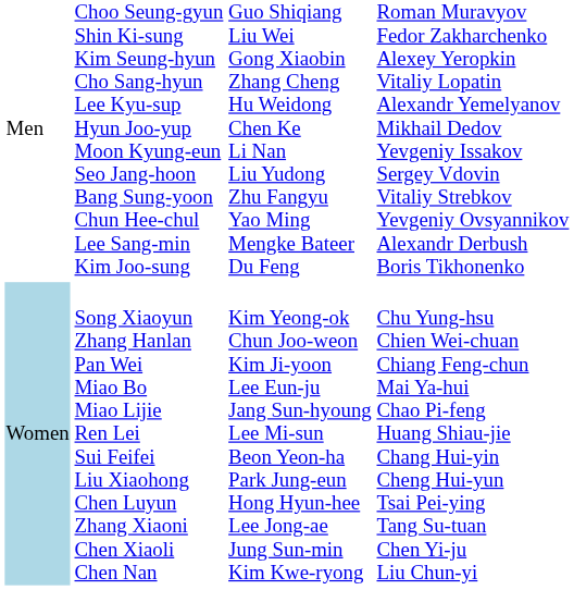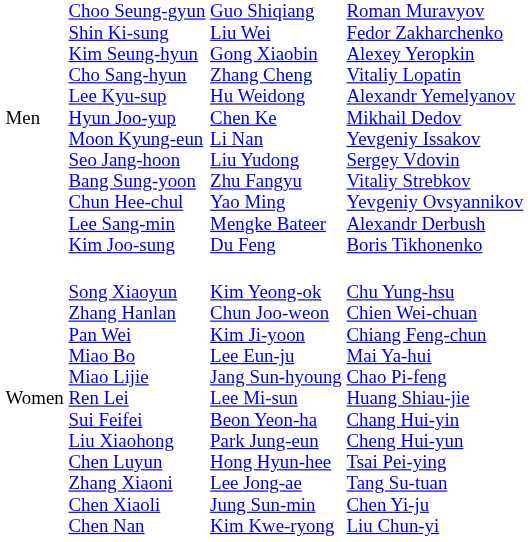 <table>
 <tr>
 <td>Men<br></td>
 <td><br><a href='#'>Choo Seung-gyun</a><br><a href='#'>Shin Ki-sung</a><br><a href='#'>Kim Seung-hyun</a><br><a href='#'>Cho Sang-hyun</a><br><a href='#'>Lee Kyu-sup</a><br><a href='#'>Hyun Joo-yup</a><br><a href='#'>Moon Kyung-eun</a><br><a href='#'>Seo Jang-hoon</a><br><a href='#'>Bang Sung-yoon</a><br><a href='#'>Chun Hee-chul</a><br><a href='#'>Lee Sang-min</a><br><a href='#'>Kim Joo-sung</a></td>
 <td><br><a href='#'>Guo Shiqiang</a><br><a href='#'>Liu Wei</a><br><a href='#'>Gong Xiaobin</a><br><a href='#'>Zhang Cheng</a><br><a href='#'>Hu Weidong</a><br><a href='#'>Chen Ke</a><br><a href='#'>Li Nan</a><br><a href='#'>Liu Yudong</a><br><a href='#'>Zhu Fangyu</a><br><a href='#'>Yao Ming</a><br><a href='#'>Mengke Bateer</a><br><a href='#'>Du Feng</a></td>
 <td><br><a href='#'>Roman Muravyov</a><br><a href='#'>Fedor Zakharchenko</a><br><a href='#'>Alexey Yeropkin</a><br><a href='#'>Vitaliy Lopatin</a><br><a href='#'>Alexandr Yemelyanov</a><br><a href='#'>Mikhail Dedov</a><br><a href='#'>Yevgeniy Issakov</a><br><a href='#'>Sergey Vdovin</a><br><a href='#'>Vitaliy Strebkov</a><br><a href='#'>Yevgeniy Ovsyannikov</a><br><a href='#'>Alexandr Derbush</a><br><a href='#'>Boris Tikhonenko</a></td>
 </tr>
 <tr>
-<td style="background: lightblue;">Women<br></td>
+<td>Women<br></td>
 <td><br><a href='#'>Song Xiaoyun</a><br><a href='#'>Zhang Hanlan</a><br><a href='#'>Pan Wei</a><br><a href='#'>Miao Bo</a><br><a href='#'>Miao Lijie</a><br><a href='#'>Ren Lei</a><br><a href='#'>Sui Feifei</a><br><a href='#'>Liu Xiaohong</a><br><a href='#'>Chen Luyun</a><br><a href='#'>Zhang Xiaoni</a><br><a href='#'>Chen Xiaoli</a><br><a href='#'>Chen Nan</a></td>
 <td><br><a href='#'>Kim Yeong-ok</a><br><a href='#'>Chun Joo-weon</a><br><a href='#'>Kim Ji-yoon</a><br><a href='#'>Lee Eun-ju</a><br><a href='#'>Jang Sun-hyoung</a><br><a href='#'>Lee Mi-sun</a><br><a href='#'>Beon Yeon-ha</a><br><a href='#'>Park Jung-eun</a><br><a href='#'>Hong Hyun-hee</a><br><a href='#'>Lee Jong-ae</a><br><a href='#'>Jung Sun-min</a><br><a href='#'>Kim Kwe-ryong</a></td>
 <td><br><a href='#'>Chu Yung-hsu</a><br><a href='#'>Chien Wei-chuan</a><br><a href='#'>Chiang Feng-chun</a><br><a href='#'>Mai Ya-hui</a><br><a href='#'>Chao Pi-feng</a><br><a href='#'>Huang Shiau-jie</a><br><a href='#'>Chang Hui-yin</a><br><a href='#'>Cheng Hui-yun</a><br><a href='#'>Tsai Pei-ying</a><br><a href='#'>Tang Su-tuan</a><br><a href='#'>Chen Yi-ju</a><br><a href='#'>Liu Chun-yi</a></td>
 </tr>
 </table>
